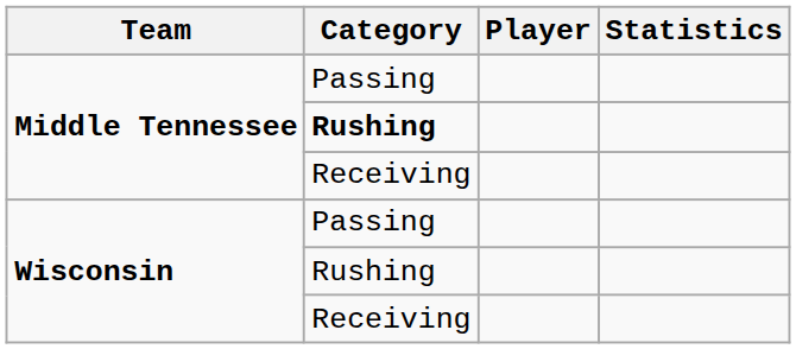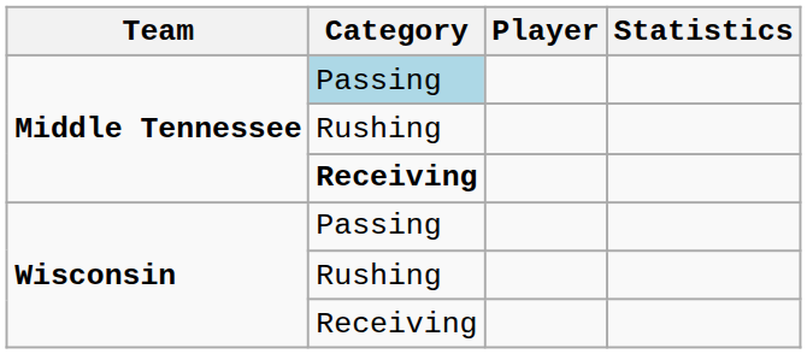 <table class="wikitable" style="float: right;">
 <tr>
 <th>Team</th>
 <th>Category</th>
 <th>Player</th>
 <th>Statistics</th>
 </tr>
 <tr>
 <td rowspan=3><strong>Middle Tennessee</strong></td>
-<td>Passing</td>
+<td style="background: lightblue;">Passing</td>
 <td></td>
 <td></td>
 </tr>
 <tr>
-<td><strong>Rushing</strong></td>
+<td>Rushing</td>
 <td></td>
 <td></td>
 </tr>
 <tr>
-<td>Receiving</td>
+<td><strong>Receiving</strong></td>
 <td></td>
 <td></td>
 </tr>
 <tr>
 <td rowspan=3><strong>Wisconsin</strong></td>
 <td>Passing</td>
 <td></td>
 <td></td>
 </tr>
 <tr>
 <td>Rushing</td>
 <td></td>
 <td></td>
 </tr>
 <tr>
 <td>Receiving</td>
 <td></td>
 <td></td>
 </tr>
 </table>
